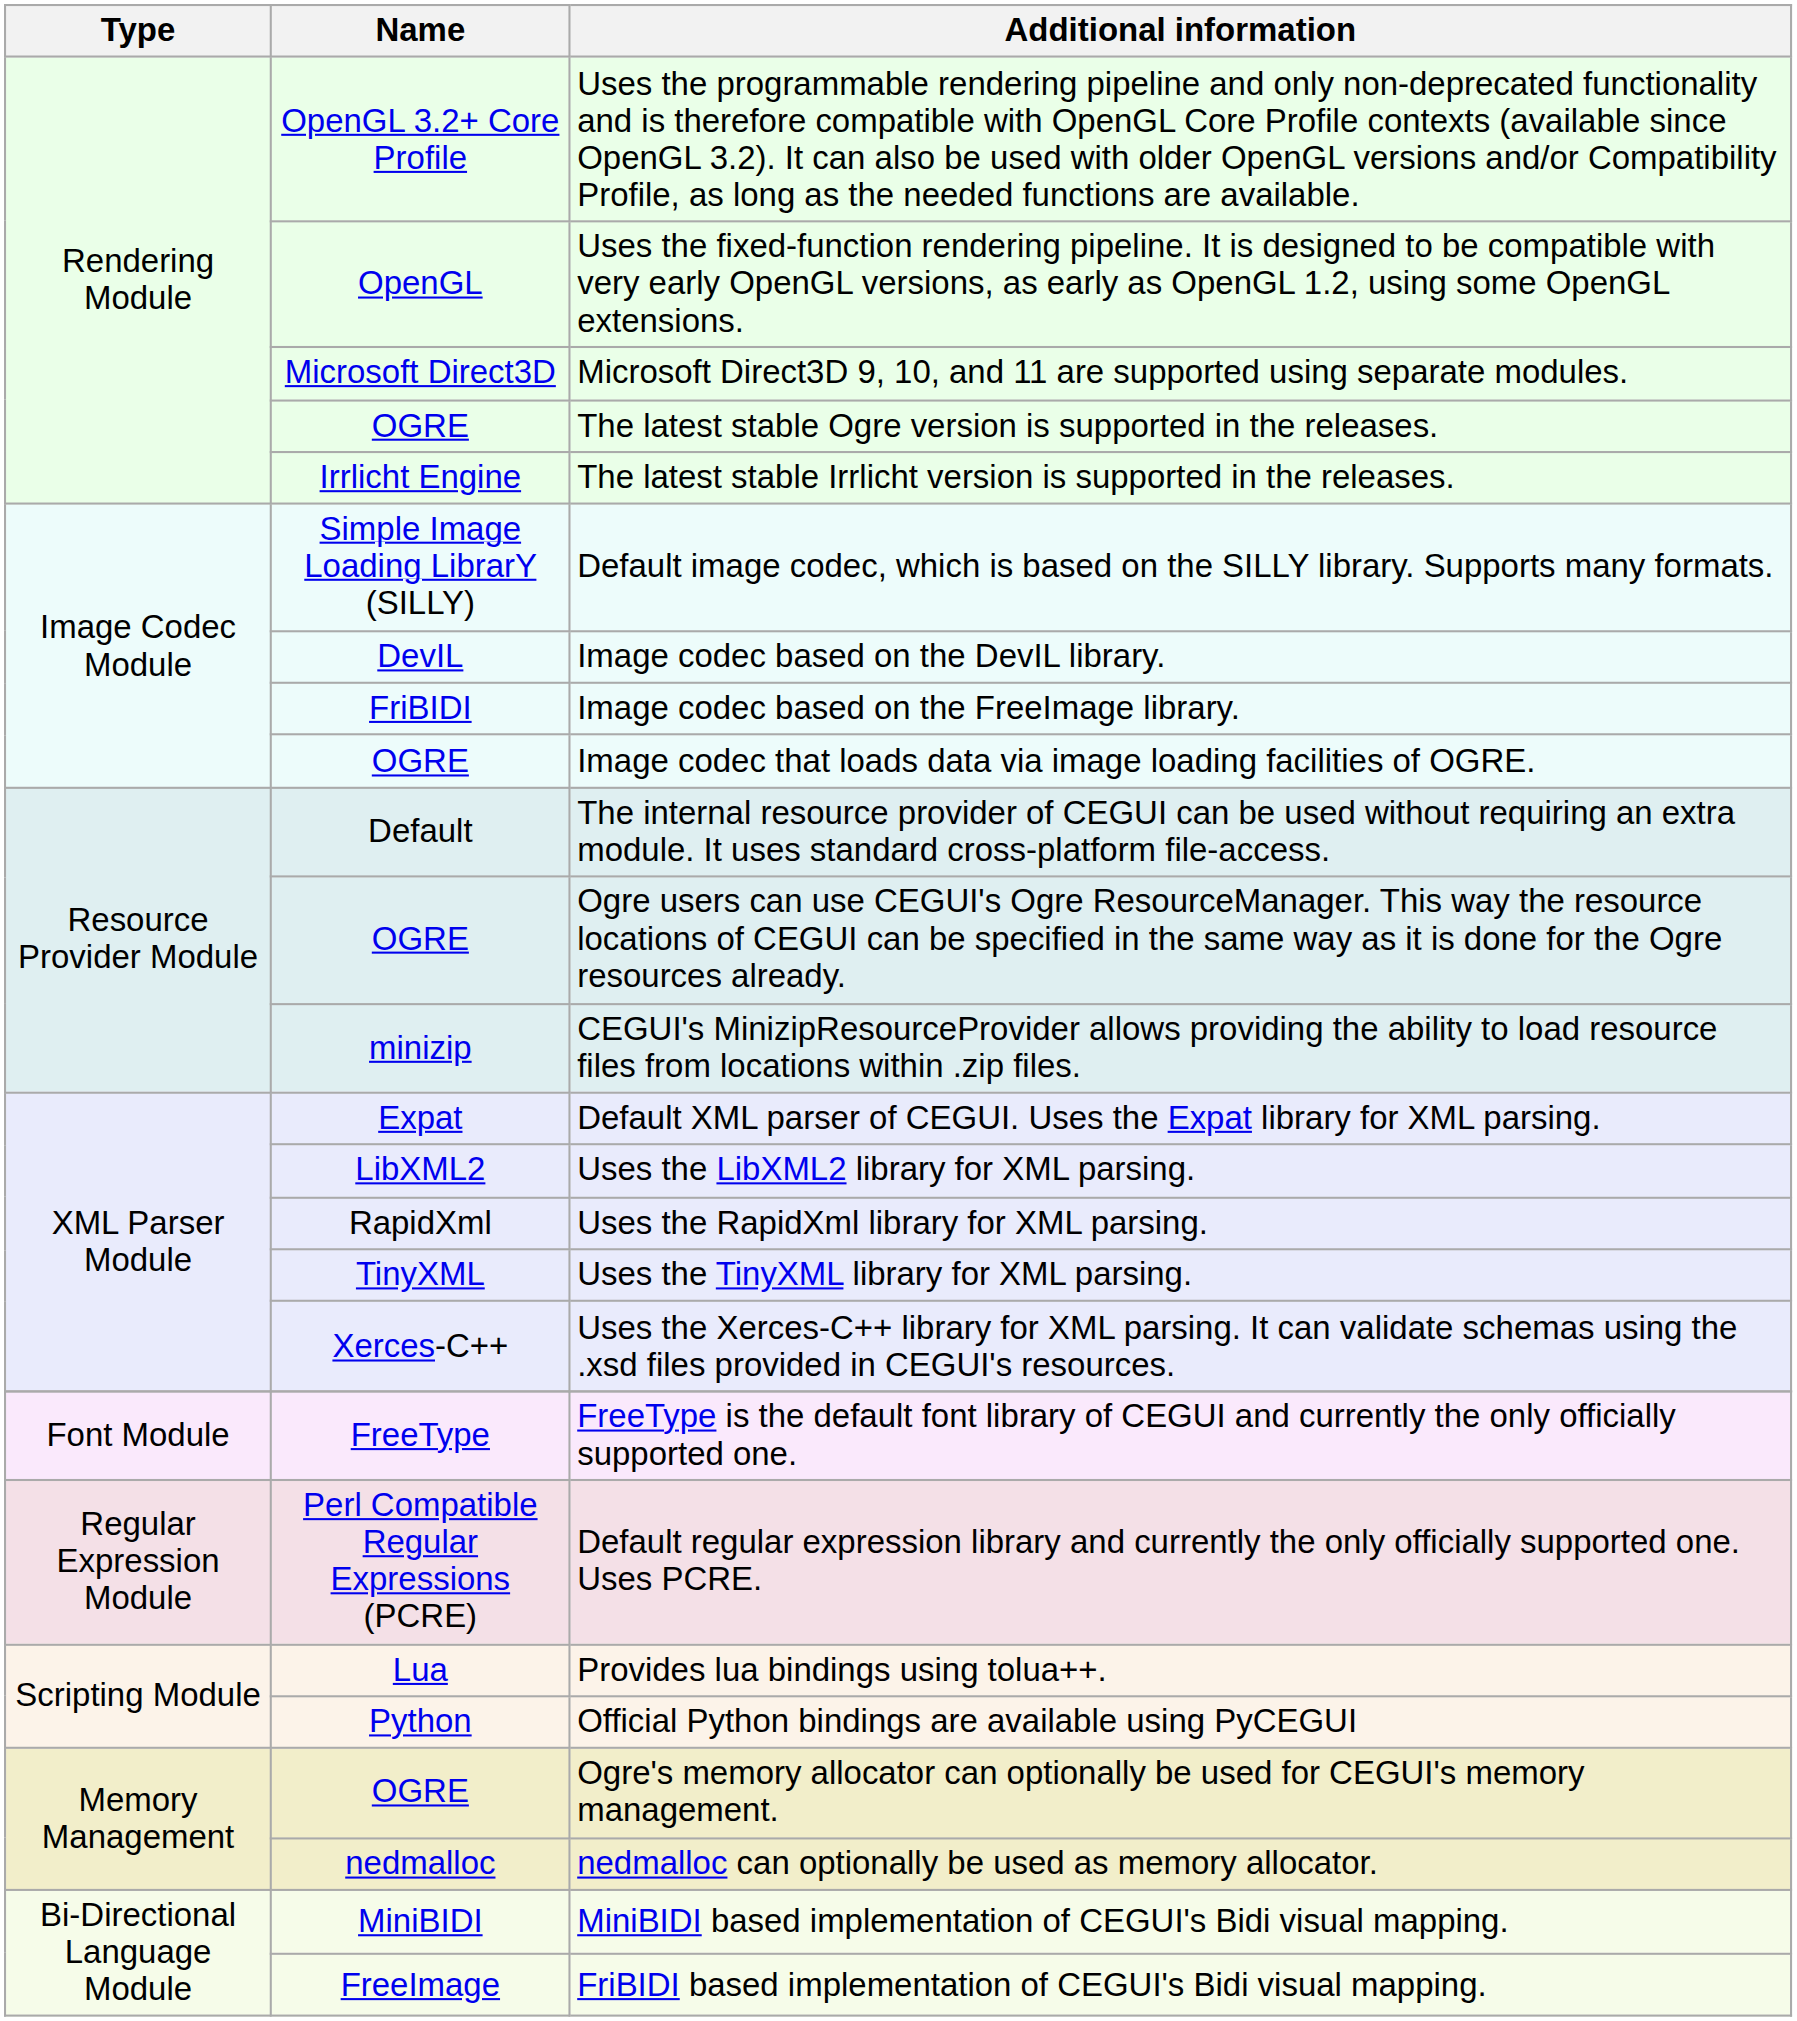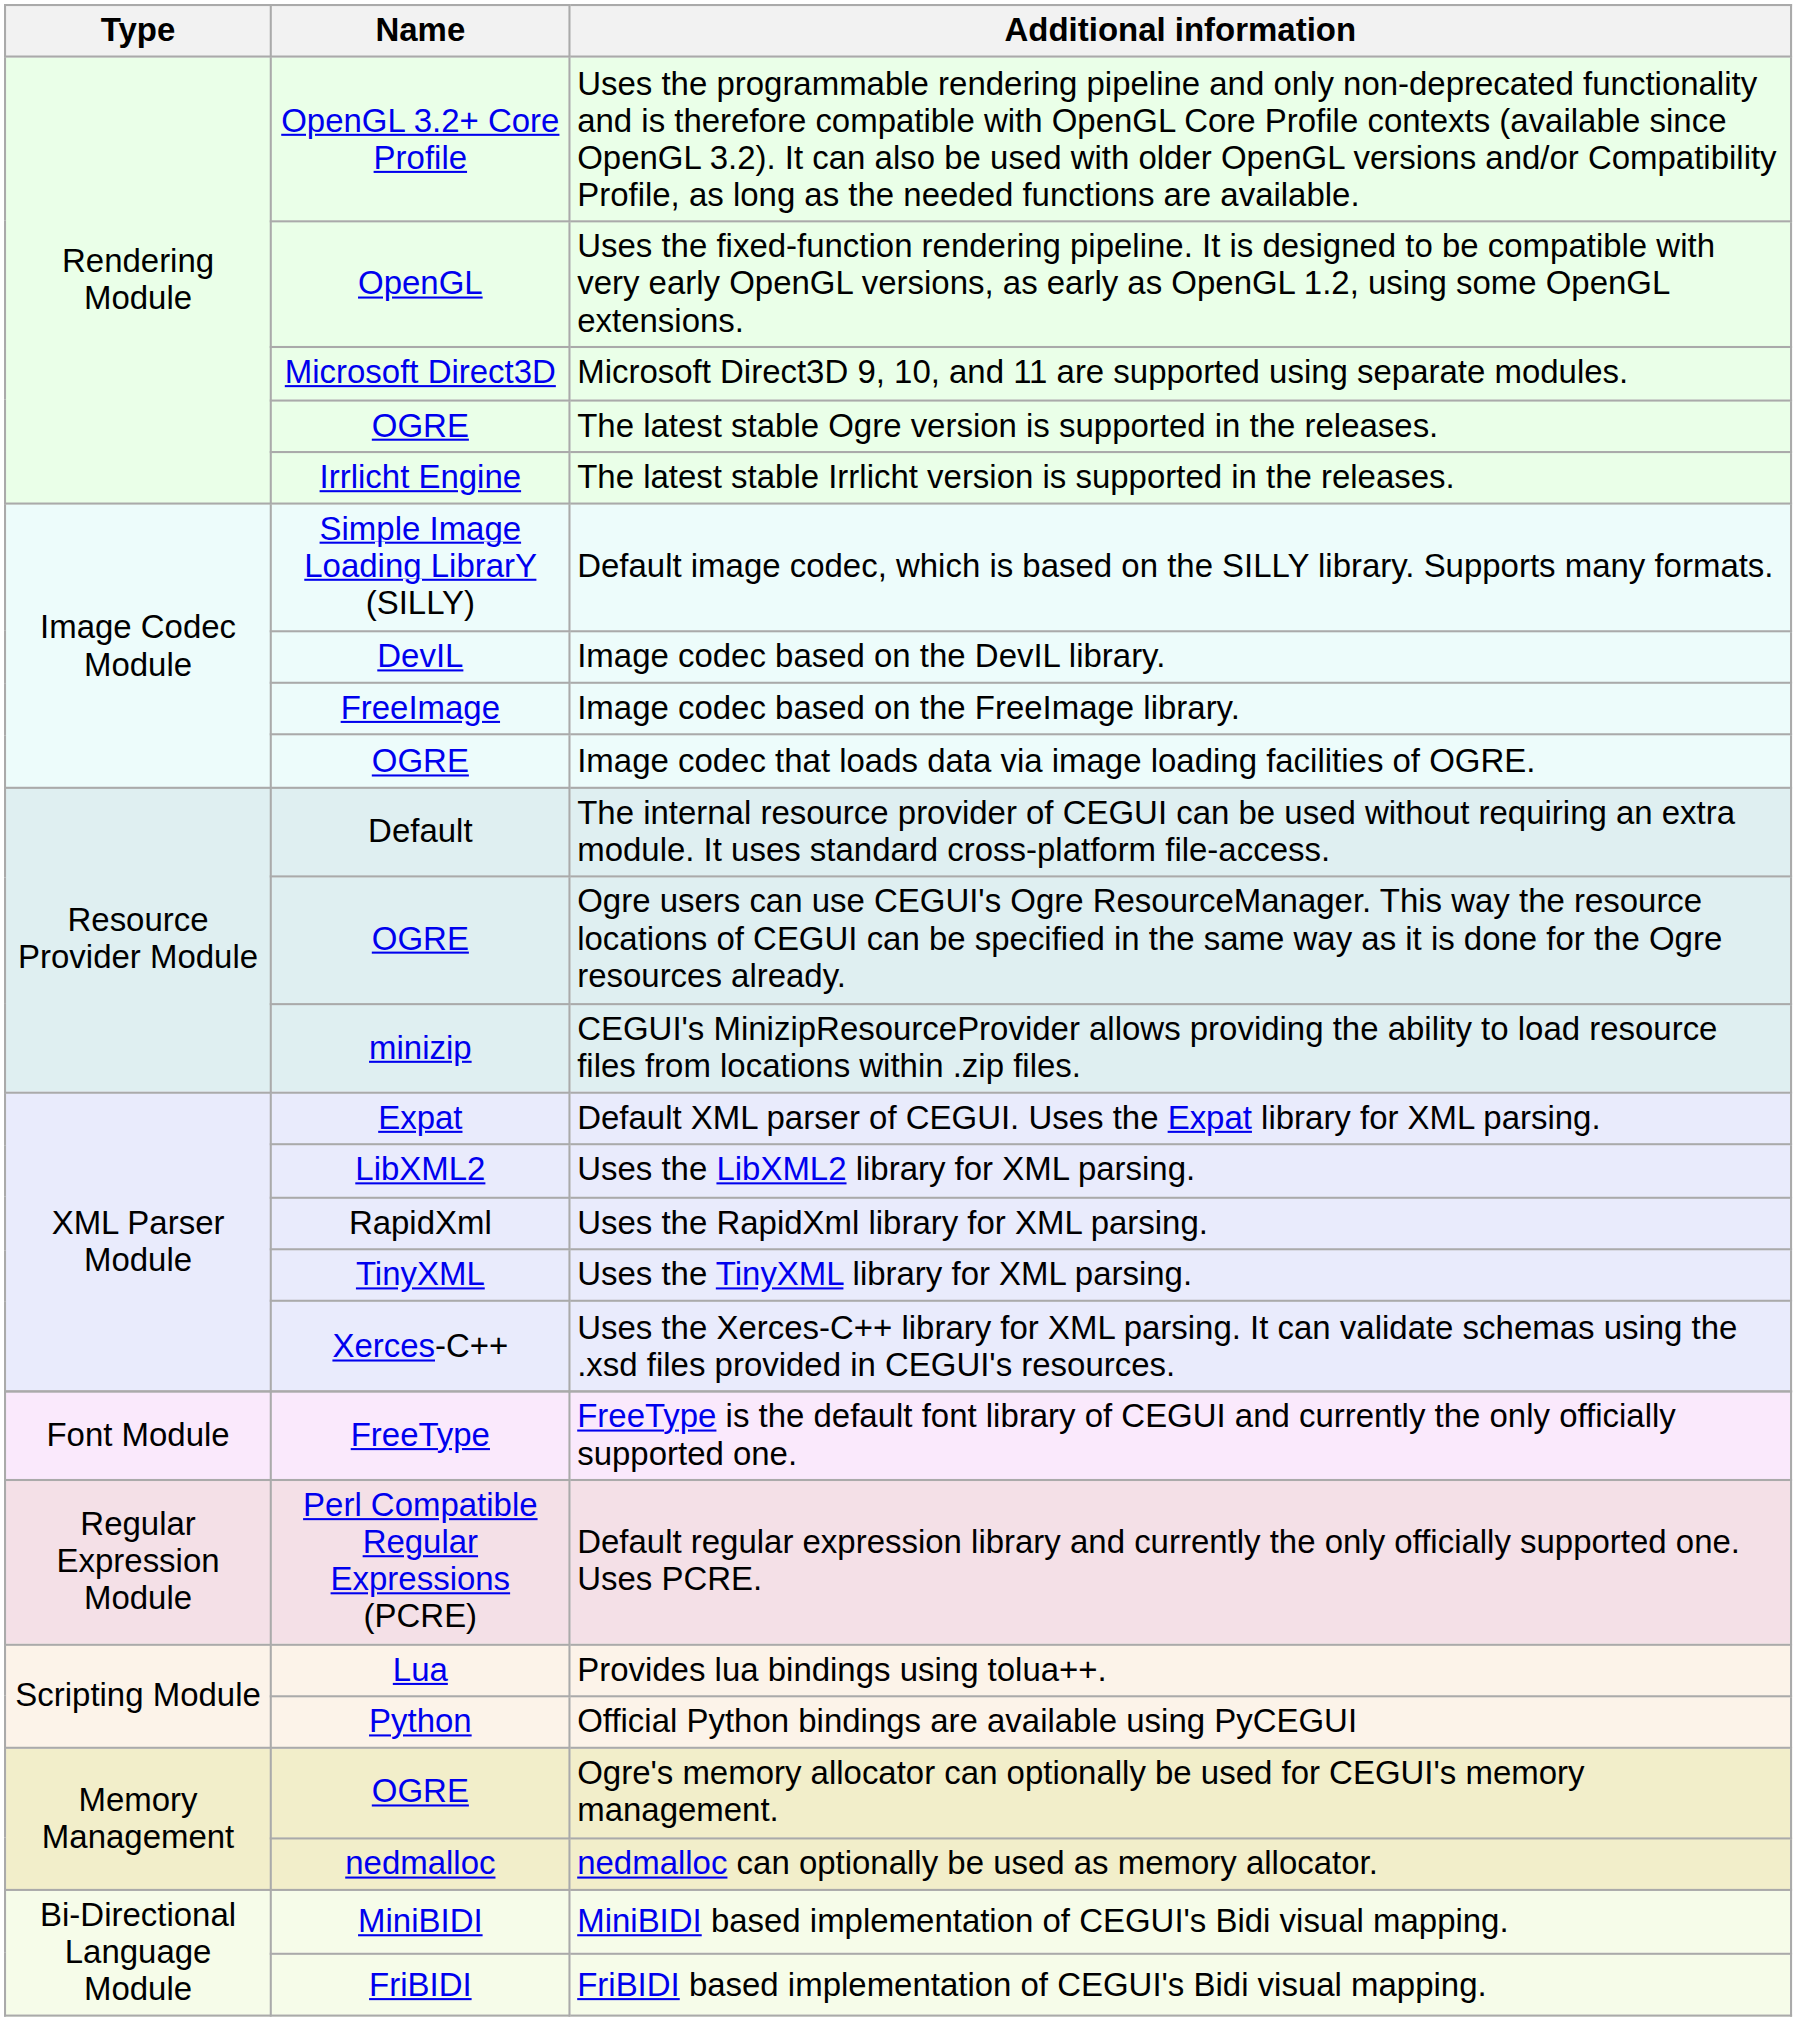 <table class="wikitable sortable" border="1" style="text-align: center;">
 <tr>
 <th scope="col">Type</th>
 <th scope="col">Name</th>
 <th scope="col" halign="left">Additional information</th>
 </tr>
 <tr style="background: #eaffe8;">
 <td rowspan="5">Rendering Module</td>
 <td><a href='#'>OpenGL 3.2+ Core Profile</a></td>
 <td style="text-align: left;">Uses the programmable rendering pipeline and only non-deprecated functionality and is therefore compatible with OpenGL Core Profile contexts (available since OpenGL 3.2). It can also be used with older OpenGL versions and/or Compatibility Profile, as long as the needed functions are available.</td>
 </tr>
 <tr style="background: #eaffe8;">
 <td><a href='#'>OpenGL</a></td>
 <td style="text-align: left;">Uses the fixed-function rendering pipeline. It is designed to be compatible with very early OpenGL versions, as early as OpenGL 1.2, using some OpenGL extensions.</td>
 </tr>
 <tr style="background: #eaffe8;">
 <td><a href='#'>Microsoft Direct3D</a></td>
 <td style="text-align: left;">Microsoft Direct3D 9, 10, and 11 are supported using separate modules.</td>
 </tr>
 <tr style="background: #eaffe8;">
 <td><a href='#'>OGRE</a></td>
 <td style="text-align: left;">The latest stable Ogre version is supported in the releases.</td>
 </tr>
 <tr style="background: #eaffe8;">
 <td><a href='#'>Irrlicht Engine</a></td>
 <td style="text-align: left;">The latest stable Irrlicht version is supported in the releases.</td>
 </tr>
 <tr style="background: #edfcfb;">
 <td rowspan="4">Image Codec Module</td>
 <td><a href='#'>Simple Image Loading LibrarY</a> (SILLY)</td>
 <td style="text-align: left;">Default image codec, which is based on the SILLY library. Supports many formats.</td>
 </tr>
 <tr style="background: #edfcfb;">
 <td><a href='#'>DevIL</a></td>
 <td style="text-align: left;">Image codec based on the DevIL library.</td>
 </tr>
 <tr style="background: #edfcfb;">
-<td><a href='#'>FriBIDI</a></td>
+<td><a href='#'>FreeImage</a></td>
 <td style="text-align: left;">Image codec based on the FreeImage library.</td>
 </tr>
 <tr style="background: #edfcfb;">
 <td><a href='#'>OGRE</a></td>
 <td style="text-align: left;">Image codec that loads data via image loading facilities of OGRE.</td>
 </tr>
 <tr style="background: #dfeff1;">
 <td rowspan="3">Resource Provider Module</td>
 <td>Default</td>
 <td style="text-align: left;">The internal resource provider of CEGUI can be used without requiring an extra module. It uses standard cross-platform file-access.</td>
 </tr>
 <tr style="background: #dfeff1;">
 <td><a href='#'>OGRE</a></td>
 <td style="text-align: left;">Ogre users can use CEGUI's Ogre ResourceManager. This way the resource locations of CEGUI can be specified in the same way as it is done for the Ogre resources already.</td>
 </tr>
 <tr style="background: #dfeff1;">
 <td><a href='#'>minizip</a></td>
 <td style="text-align: left;">CEGUI's MinizipResourceProvider allows providing the ability to load resource files from locations within .zip files.</td>
 </tr>
 <tr style="background: #e9ebfc;">
 <td rowspan="5">XML Parser Module</td>
 <td><a href='#'>Expat</a></td>
 <td style="text-align: left;">Default XML parser of CEGUI. Uses the <a href='#'>Expat</a> library for XML parsing.</td>
 </tr>
 <tr style="background: #e9ebfc;">
 <td><a href='#'>LibXML2</a></td>
 <td style="text-align: left;">Uses the <a href='#'>LibXML2</a> library for XML parsing.</td>
 </tr>
 <tr style="background: #e9ebfc;">
 <td>RapidXml</td>
 <td style="text-align: left;">Uses the RapidXml library for XML parsing.</td>
 </tr>
 <tr style="background: #e9ebfc;">
 <td><a href='#'>TinyXML</a></td>
 <td style="text-align: left;">Uses the <a href='#'>TinyXML</a> library for XML parsing.</td>
 </tr>
 <tr style="background: #e9ebfc;">
 <td><a href='#'>Xerces</a>-C++</td>
 <td style="text-align: left;">Uses the Xerces-C++ library for XML parsing. It can validate schemas using the .xsd files provided in CEGUI's resources.</td>
 </tr>
 <tr>
 </tr>
 <tr style="background: #fae9fc;">
 <td rowspan="1">Font Module</td>
 <td><a href='#'>FreeType</a></td>
 <td style="text-align: left;"><a href='#'>FreeType</a> is the default font library of CEGUI and currently the only officially supported one.</td>
 </tr>
 <tr style="background: #f4e0e7;">
 <td rowspan="1">Regular Expression Module</td>
 <td><a href='#'>Perl Compatible Regular Expressions</a> (PCRE)</td>
 <td style="text-align: left;">Default regular expression library and currently the only officially supported one. Uses PCRE.</td>
 </tr>
 <tr style="background: #fcf3e9;">
 <td rowspan="2">Scripting Module</td>
 <td><a href='#'>Lua</a></td>
 <td style="text-align: left;">Provides lua bindings using tolua++.</td>
 </tr>
 <tr style="background: #fcf3e9;">
 <td><a href='#'>Python</a></td>
 <td style="text-align: left;">Official Python bindings are available using PyCEGUI</td>
 </tr>
 <tr style="background: #f2eeca;">
 <td rowspan="2">Memory Management</td>
 <td><a href='#'>OGRE</a></td>
 <td style="text-align: left;">Ogre's memory allocator can optionally be used for CEGUI's memory management.</td>
 </tr>
 <tr style="background: #f2eeca;">
 <td><a href='#'>nedmalloc</a></td>
 <td style="text-align: left;"><a href='#'>nedmalloc</a> can optionally be used as memory allocator.</td>
 </tr>
 <tr style="background: #f6fce9;">
 <td rowspan="2">Bi-Directional Language Module</td>
 <td><a href='#'>MiniBIDI</a></td>
 <td style="text-align: left;"><a href='#'>MiniBIDI</a> based implementation of CEGUI's Bidi visual mapping.</td>
 </tr>
 <tr style="background: #f6fce9;">
-<td><a href='#'>FreeImage</a></td>
+<td><a href='#'>FriBIDI</a></td>
 <td style="text-align: left;"><a href='#'>FriBIDI</a> based implementation of CEGUI's Bidi visual mapping.</td>
 </tr>
 </table>
